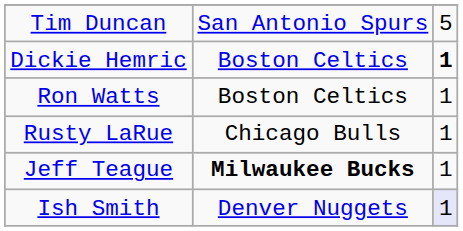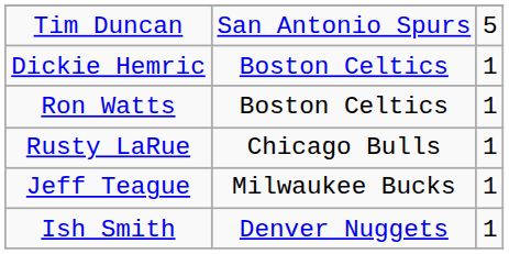 <table class="wikitable" style="text-align:center">
 <tr>
 </tr>
 <tr>
 <td><a href='#'>Tim Duncan</a></td>
 <td><a href='#'>San Antonio Spurs</a></td>
 <td>5</td>
 </tr>
 <tr>
 <td><a href='#'>Dickie Hemric</a></td>
 <td><a href='#'>Boston Celtics</a></td>
-<td><strong>1</strong></td>
+<td>1</td>
 </tr>
 <tr>
 <td><a href='#'>Ron Watts</a></td>
 <td>Boston Celtics</td>
 <td>1</td>
 </tr>
 <tr>
 <td><a href='#'>Rusty LaRue</a></td>
 <td>Chicago Bulls</td>
 <td>1</td>
 </tr>
 <tr>
 <td><a href='#'>Jeff Teague</a></td>
-<td><strong>Milwaukee Bucks</strong></td>
+<td>Milwaukee Bucks</td>
 <td>1</td>
 </tr>
 <tr>
 <td><a href='#'>Ish Smith</a></td>
 <td><a href='#'>Denver Nuggets</a></td>
-<td style="background: lavender;">1</td>
+<td>1</td>
 </tr>
 </table>
